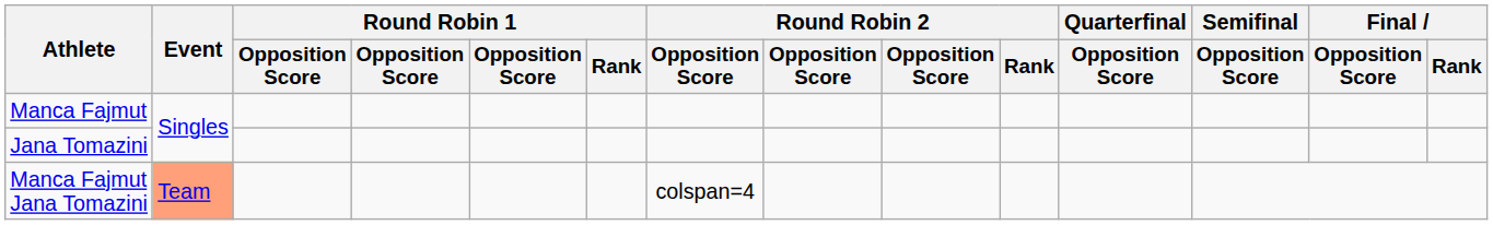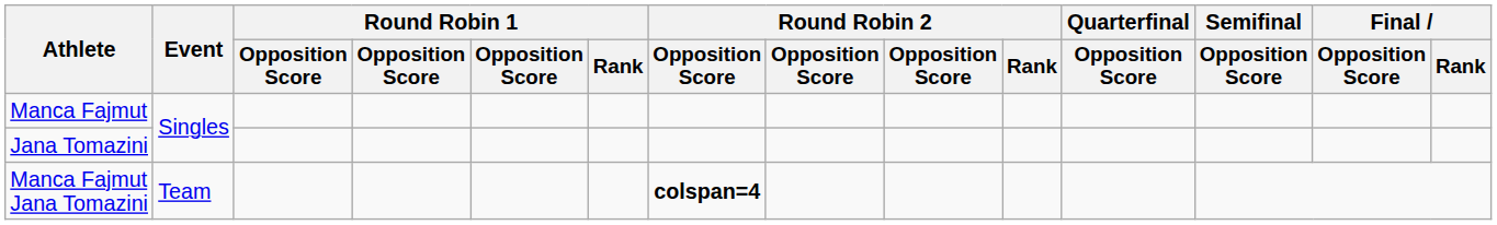 <table class=wikitable style="font-size:90%">
 <tr>
 <th rowspan=2>Athlete</th>
 <th rowspan=2>Event</th>
 <th colspan=4>Round Robin 1</th>
 <th colspan=4>Round Robin 2</th>
 <th>Quarterfinal</th>
 <th>Semifinal</th>
 <th colspan=2>Final / </th>
 </tr>
 <tr style="font-size:95%">
 <th>Opposition<br>Score</th>
 <th>Opposition<br>Score</th>
 <th>Opposition<br>Score</th>
 <th>Rank</th>
 <th>Opposition<br>Score</th>
 <th>Opposition<br>Score</th>
 <th>Opposition<br>Score</th>
 <th>Rank</th>
 <th>Opposition<br>Score</th>
 <th>Opposition<br>Score</th>
 <th>Opposition<br>Score</th>
 <th>Rank</th>
 </tr>
 <tr align=center>
 <td align=left><a href='#'>Manca Fajmut</a></td>
 <td align=left rowspan=2><a href='#'>Singles</a></td>
 <td></td>
 <td></td>
 <td></td>
 <td></td>
 <td></td>
 <td></td>
 <td></td>
 <td></td>
 <td></td>
 <td></td>
 <td></td>
 <td></td>
 </tr>
 <tr align=center>
 <td align=left><a href='#'>Jana Tomazini</a></td>
 <td></td>
 <td></td>
 <td></td>
 <td></td>
 <td></td>
 <td></td>
 <td></td>
 <td></td>
 <td></td>
 <td></td>
 <td></td>
 <td></td>
 </tr>
 <tr align=center>
 <td align=left><a href='#'>Manca Fajmut</a><br><a href='#'>Jana Tomazini</a></td>
-<td align=left style="background: lightsalmon;"><a href='#'>Team</a></td>
+<td align=left><a href='#'>Team</a></td>
 <td></td>
 <td></td>
 <td></td>
 <td></td>
-<td>colspan=4 </td>
+<td><strong>colspan=4 </strong></td>
 <td></td>
 <td></td>
 <td></td>
 <td></td>
 </tr>
 </table>
